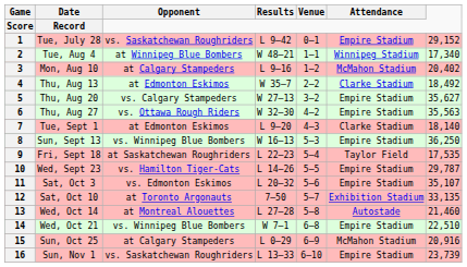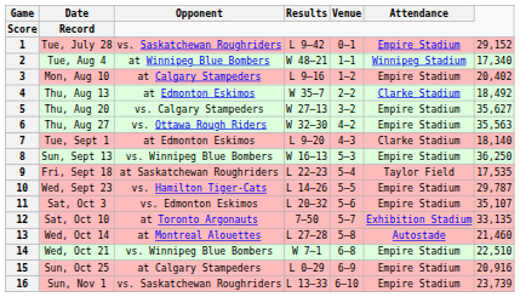 <table class="wikitable" style="text-align:center">
 <tr>
 <th>Game</th>
 <th>Date</th>
 <th>Opponent</th>
 <th>Results</th>
 <th>Venue</th>
 <th>Attendance</th>
 </tr>
 <tr>
 <th>Score</th>
 <th>Record</th>
 </tr>
 <tr style="background:#ffbbbb">
 <th>1</th>
 <td>Tue, July 28</td>
 <td>vs. <a href='#'>Saskatchewan Roughriders</a></td>
 <td>L 9–42</td>
 <td>0–1</td>
 <td><a href='#'>Empire Stadium</a></td>
 <td>29,152</td>
 </tr>
 <tr style="background:#ddffdd">
 <th>2</th>
 <td>Tue, Aug 4</td>
 <td>at <a href='#'>Winnipeg Blue Bombers</a></td>
 <td>W 48–21</td>
 <td>1–1</td>
 <td><a href='#'>Winnipeg Stadium</a></td>
 <td>17,340</td>
 </tr>
 <tr style="background:#ffbbbb">
 <th>3</th>
 <td>Mon, Aug 10</td>
 <td>at <a href='#'>Calgary Stampeders</a></td>
 <td>L 9–16</td>
 <td>1–2</td>
-<td><a href='#'>McMahon Stadium</a></td>
+<td>Empire Stadium</td>
 <td>20,402</td>
 </tr>
 <tr style="background:#ddffdd">
 <th>4</th>
 <td>Thu, Aug 13</td>
 <td>at <a href='#'>Edmonton Eskimos</a></td>
 <td>W 35–7</td>
 <td>2–2</td>
 <td><a href='#'>Clarke Stadium</a></td>
 <td>18,492</td>
 </tr>
 <tr style="background:#ddffdd">
 <th>5</th>
 <td>Thu, Aug 20</td>
 <td>vs. Calgary Stampeders</td>
 <td>W 27–13</td>
 <td>3–2</td>
 <td>Empire Stadium</td>
 <td>35,627</td>
 </tr>
 <tr style="background:#ddffdd">
 <th>6</th>
 <td>Thu, Aug 27</td>
 <td>vs. <a href='#'>Ottawa Rough Riders</a></td>
 <td>W 32–30</td>
 <td>4–2</td>
 <td>Empire Stadium</td>
 <td>35,563</td>
 </tr>
 <tr style="background:#ffbbbb">
 <th>7</th>
 <td>Tue, Sept 1</td>
 <td>at Edmonton Eskimos</td>
 <td>L 9–20</td>
 <td>4–3</td>
 <td>Clarke Stadium</td>
 <td>18,140</td>
 </tr>
 <tr style="background:#ddffdd">
 <th>8</th>
 <td>Sun, Sept 13</td>
 <td>vs. Winnipeg Blue Bombers</td>
 <td>W 16–13</td>
 <td>5–3</td>
 <td>Empire Stadium</td>
 <td>36,250</td>
 </tr>
 <tr style="background:#ffbbbb">
 <th>9</th>
 <td>Fri, Sept 18</td>
 <td>at Saskatchewan Roughriders</td>
 <td>L 22–23</td>
 <td>5–4</td>
 <td>Taylor Field</td>
 <td>17,535</td>
 </tr>
 <tr style="background:#ffbbbb">
 <th>10</th>
 <td>Wed, Sept 23</td>
 <td>vs. <a href='#'>Hamilton Tiger-Cats</a></td>
 <td>L 14–26</td>
 <td>5–5</td>
 <td>Empire Stadium</td>
 <td>29,787</td>
 </tr>
 <tr style="background:#ffbbbb">
 <th>11</th>
 <td>Sat, Oct 3</td>
 <td>vs. Edmonton Eskimos</td>
 <td>L 20–32</td>
 <td>5–6</td>
 <td>Empire Stadium</td>
 <td>35,107</td>
 </tr>
 <tr style="background:#ffbbbb">
 <th>12</th>
 <td>Sat, Oct 10</td>
 <td>at <a href='#'>Toronto Argonauts</a></td>
 <td>7–50</td>
 <td>5–7</td>
 <td><a href='#'>Exhibition Stadium</a></td>
 <td>33,135</td>
 </tr>
 <tr style="background:#ffbbbb">
 <th>13</th>
 <td>Wed, Oct 14</td>
 <td>at <a href='#'>Montreal Alouettes</a></td>
 <td>L 27–28</td>
 <td>5–8</td>
 <td><a href='#'>Autostade</a></td>
 <td>21,460</td>
 </tr>
 <tr style="background:#ddffdd">
 <th>14</th>
 <td>Wed, Oct 21</td>
 <td>vs. Winnipeg Blue Bombers</td>
 <td>W 7–1</td>
 <td>6–8</td>
 <td>Empire Stadium</td>
 <td>22,510</td>
 </tr>
 <tr style="background:#ffbbbb">
 <th>15</th>
 <td>Sun, Oct 25</td>
 <td>at Calgary Stampeders</td>
 <td>L 0–29</td>
 <td>6–9</td>
-<td>McMahon Stadium</td>
+<td>Empire Stadium</td>
 <td>20,916</td>
 </tr>
 <tr style="background:#ffbbbb">
 <th>16</th>
 <td>Sun, Nov 1</td>
 <td>vs. Saskatchewan Roughriders</td>
 <td>L 13–33</td>
 <td>6–10</td>
 <td>Empire Stadium</td>
 <td>23,739</td>
 </tr>
 </table>
